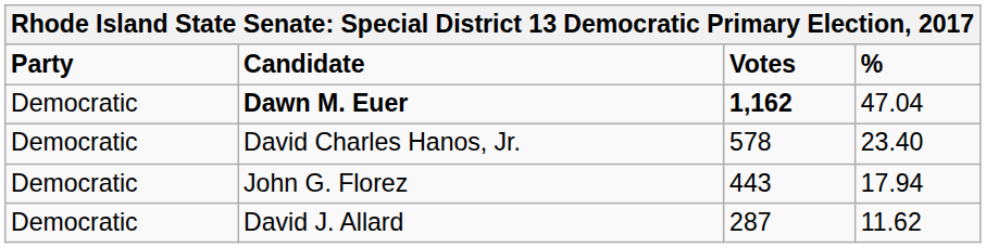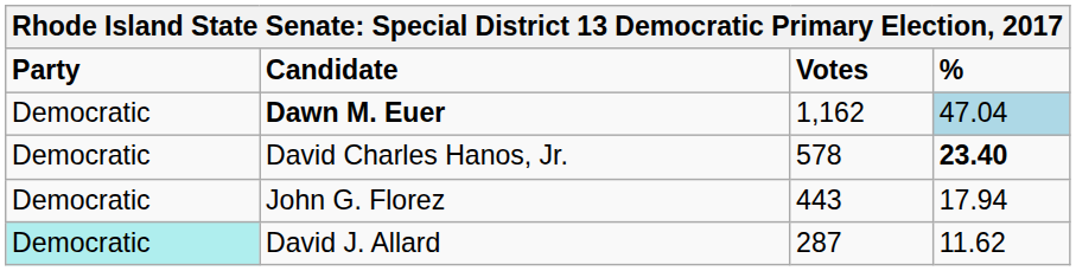 <table class="wikitable">
 <tr>
 <th colspan="4">Rhode Island State Senate: Special District 13 Democratic Primary Election, 2017</th>
 </tr>
 <tr>
 <td><strong>Party</strong></td>
 <td><strong>Candidate</strong></td>
 <td><strong>Votes</strong></td>
 <td><strong>%</strong></td>
 </tr>
 <tr>
 <td>Democratic</td>
 <td><strong>Dawn M. Euer</strong></td>
-<td><strong>1,162</strong></td>
-<td>47.04</td>
+<td>1,162</td>
+<td style="background: lightblue;">47.04</td>
 </tr>
 <tr>
 <td>Democratic</td>
 <td>David Charles Hanos, Jr.</td>
 <td>578</td>
-<td>23.40</td>
+<td><strong>23.40</strong></td>
 </tr>
 <tr>
 <td>Democratic</td>
 <td>John G. Florez</td>
 <td>443</td>
 <td>17.94</td>
 </tr>
 <tr>
-<td>Democratic</td>
+<td style="background: paleturquoise;">Democratic</td>
 <td>David J. Allard</td>
 <td>287</td>
 <td>11.62</td>
 </tr>
 </table>
